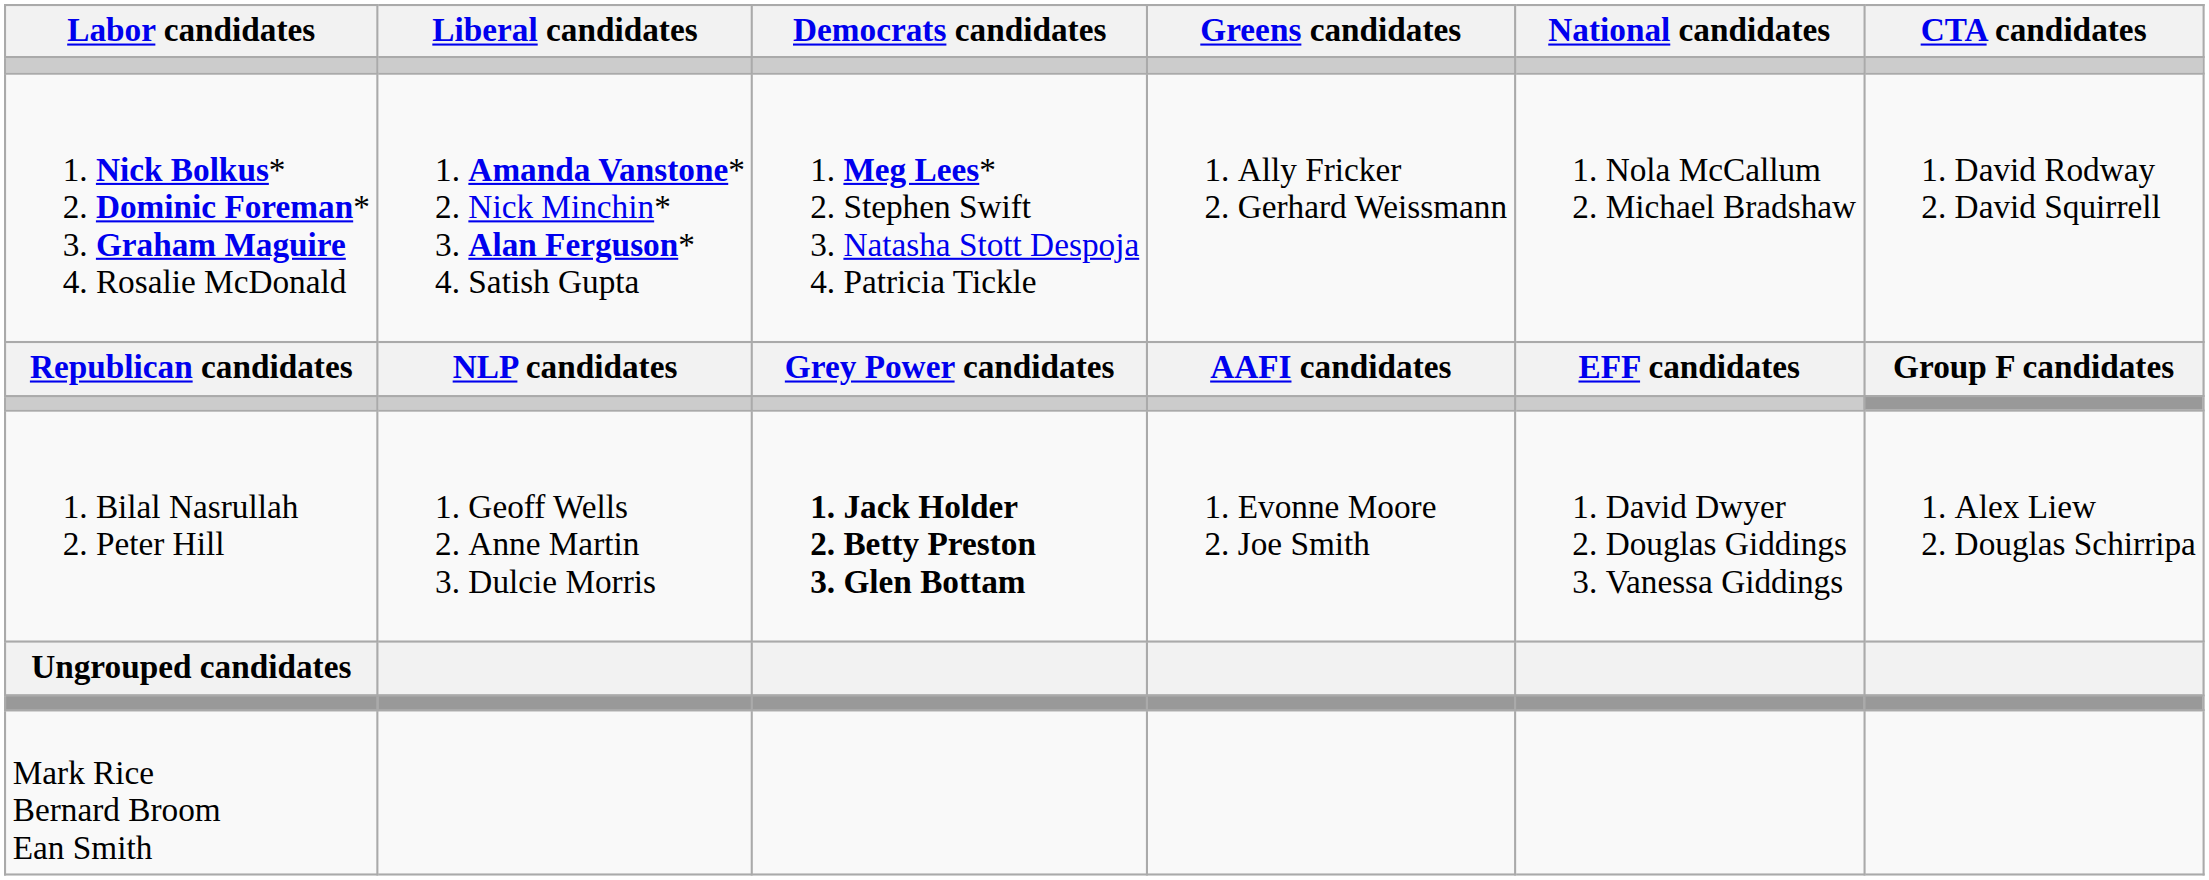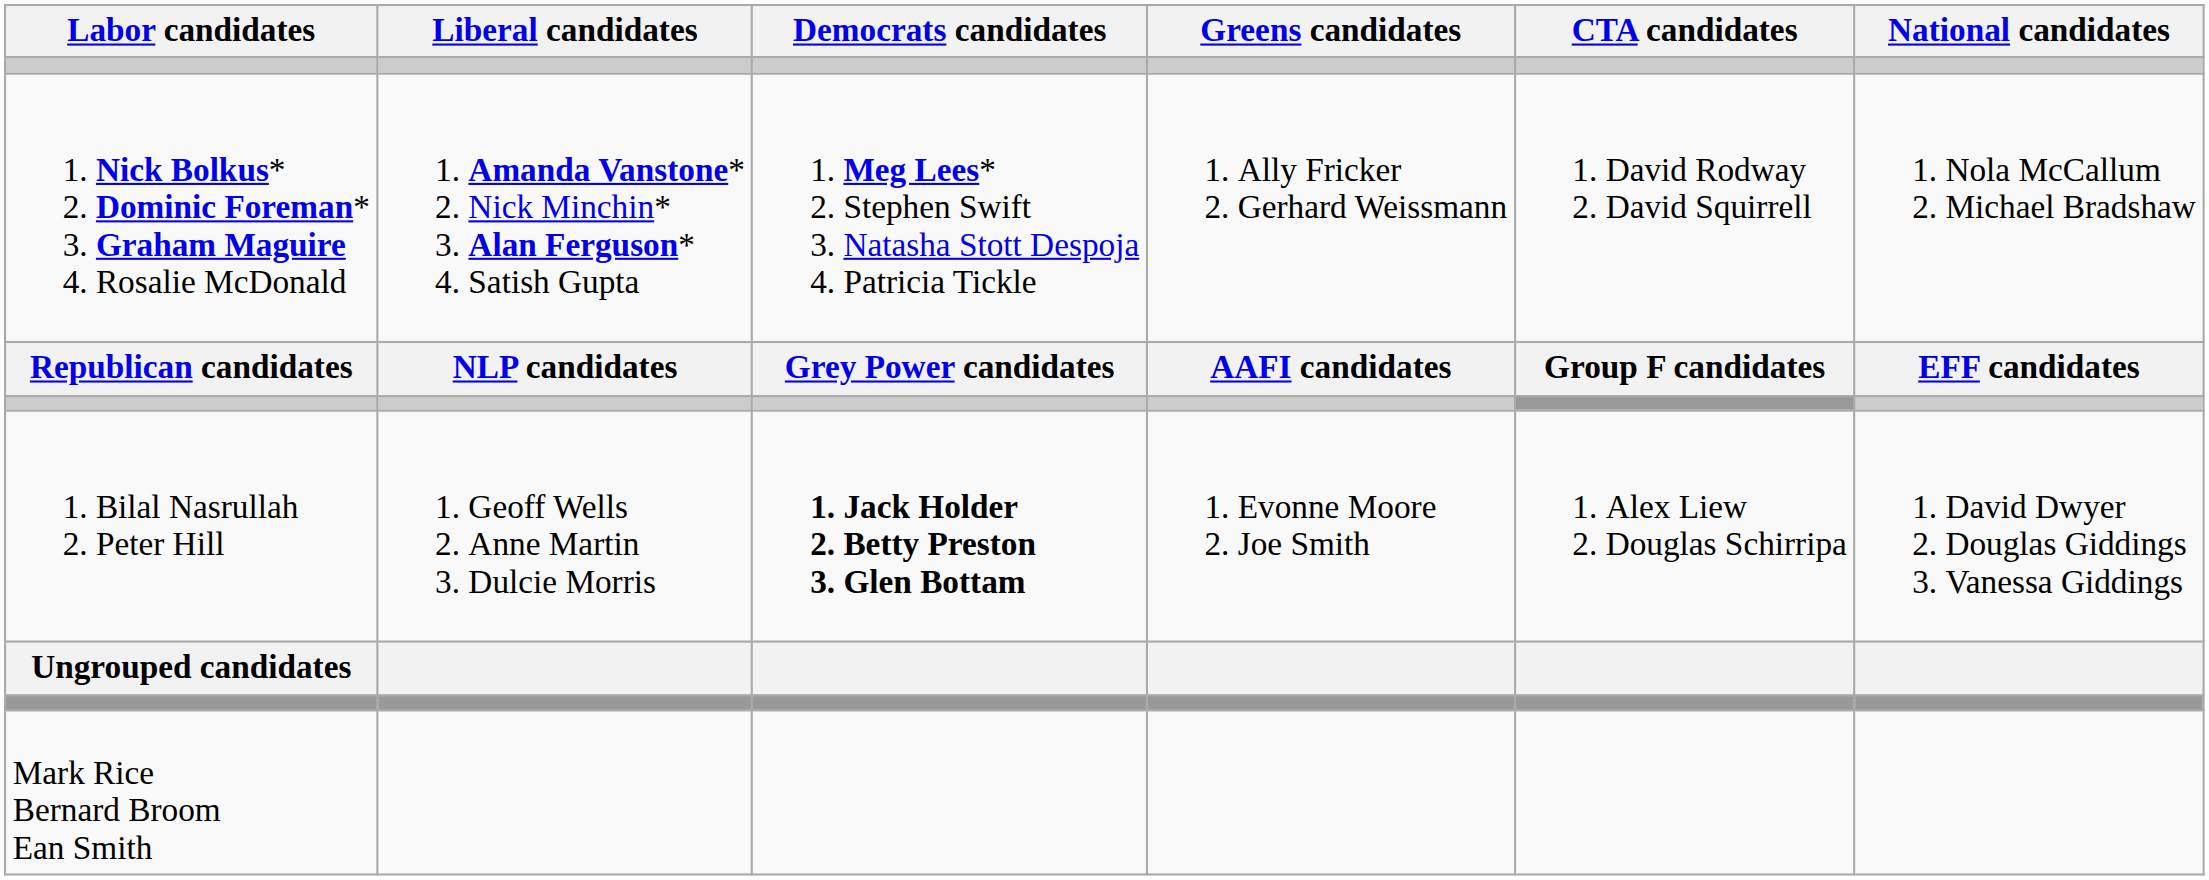 <table class="wikitable">
 <tr>
 <th><a href='#'>Labor</a> candidates</th>
 <th><a href='#'>Liberal</a> candidates</th>
 <th><a href='#'>Democrats</a> candidates</th>
 <th><a href='#'>Greens</a> candidates</th>
+<th><a href='#'>CTA</a> candidates</th>
 <th><a href='#'>National</a> candidates</th>
-<th><a href='#'>CTA</a> candidates</th>
 </tr>
 <tr bgcolor="#cccccc">
 <td></td>
 <td></td>
 <td></td>
 <td></td>
 <td></td>
 <td></td>
 </tr>
 <tr>
 <td><br><ol><li><strong><a href='#'>Nick Bolkus</a></strong>*</li><li><strong><a href='#'>Dominic Foreman</a></strong>*</li><li><strong><a href='#'>Graham Maguire</a></strong></li><li>Rosalie McDonald</li></ol></td>
 <td><br><ol><li><strong><a href='#'>Amanda Vanstone</a></strong>*</li><li><a href='#'>Nick Minchin</a>*</li><li><strong><a href='#'>Alan Ferguson</a></strong>*</li><li>Satish Gupta</li></ol></td>
 <td><br><ol><li><strong><a href='#'>Meg Lees</a></strong>*</li><li>Stephen Swift</li><li><a href='#'>Natasha Stott Despoja</a></li><li>Patricia Tickle</li></ol></td>
 <td valign=top><br><ol><li>Ally Fricker</li><li>Gerhard Weissmann</li></ol></td>
+<td valign=top><br><ol><li>David Rodway</li><li>David Squirrell</li></ol></td>
 <td valign=top><br><ol><li>Nola McCallum</li><li>Michael Bradshaw</li></ol></td>
-<td valign=top><br><ol><li>David Rodway</li><li>David Squirrell</li></ol></td>
 </tr>
 <tr bgcolor="#cccccc">
 <th><a href='#'>Republican</a> candidates</th>
 <th><a href='#'>NLP</a> candidates</th>
 <th><a href='#'>Grey Power</a> candidates</th>
 <th><a href='#'>AAFI</a> candidates</th>
+<th>Group F candidates</th>
 <th><a href='#'>EFF</a> candidates</th>
-<th>Group F candidates</th>
 </tr>
 <tr bgcolor="#cccccc">
 <td></td>
 <td></td>
 <td></td>
 <td></td>
+<td bgcolor="#999999"></td>
 <td></td>
-<td bgcolor="#999999"></td>
 </tr>
 <tr>
 <td valign=top><br><ol><li>Bilal Nasrullah</li><li>Peter Hill</li></ol></td>
 <td valign=top><br><ol><li>Geoff Wells</li><li>Anne Martin</li><li>Dulcie Morris</li></ol></td>
 <td valign=top><strong><br><ol><li>Jack Holder</li><li>Betty Preston</li><li>Glen Bottam</li></ol></strong></td>
 <td valign=top><br><ol><li>Evonne Moore</li><li>Joe Smith</li></ol></td>
+<td valign=top><br><ol><li>Alex Liew</li><li>Douglas Schirripa</li></ol></td>
 <td valign=top><br><ol><li>David Dwyer</li><li>Douglas Giddings</li><li>Vanessa Giddings</li></ol></td>
-<td valign=top><br><ol><li>Alex Liew</li><li>Douglas Schirripa</li></ol></td>
 </tr>
 <tr bgcolor="#cccccc">
 <th>Ungrouped candidates</th>
 <th></th>
 <th></th>
 <th></th>
 <th></th>
 <th></th>
 </tr>
 <tr bgcolor="#cccccc">
 <td bgcolor="#999999"></td>
 <td bgcolor="#999999"></td>
 <td bgcolor="#999999"></td>
 <td bgcolor="#999999"></td>
 <td bgcolor="#999999"></td>
 <td bgcolor="#999999"></td>
 </tr>
 <tr>
 <td valign=top><br>Mark Rice<br> Bernard Broom<br> Ean Smith</td>
 <td valign=top></td>
 <td valign=top></td>
 <td valign=top></td>
 <td valign=top></td>
 <td valign=top></td>
 </tr>
 </table>
